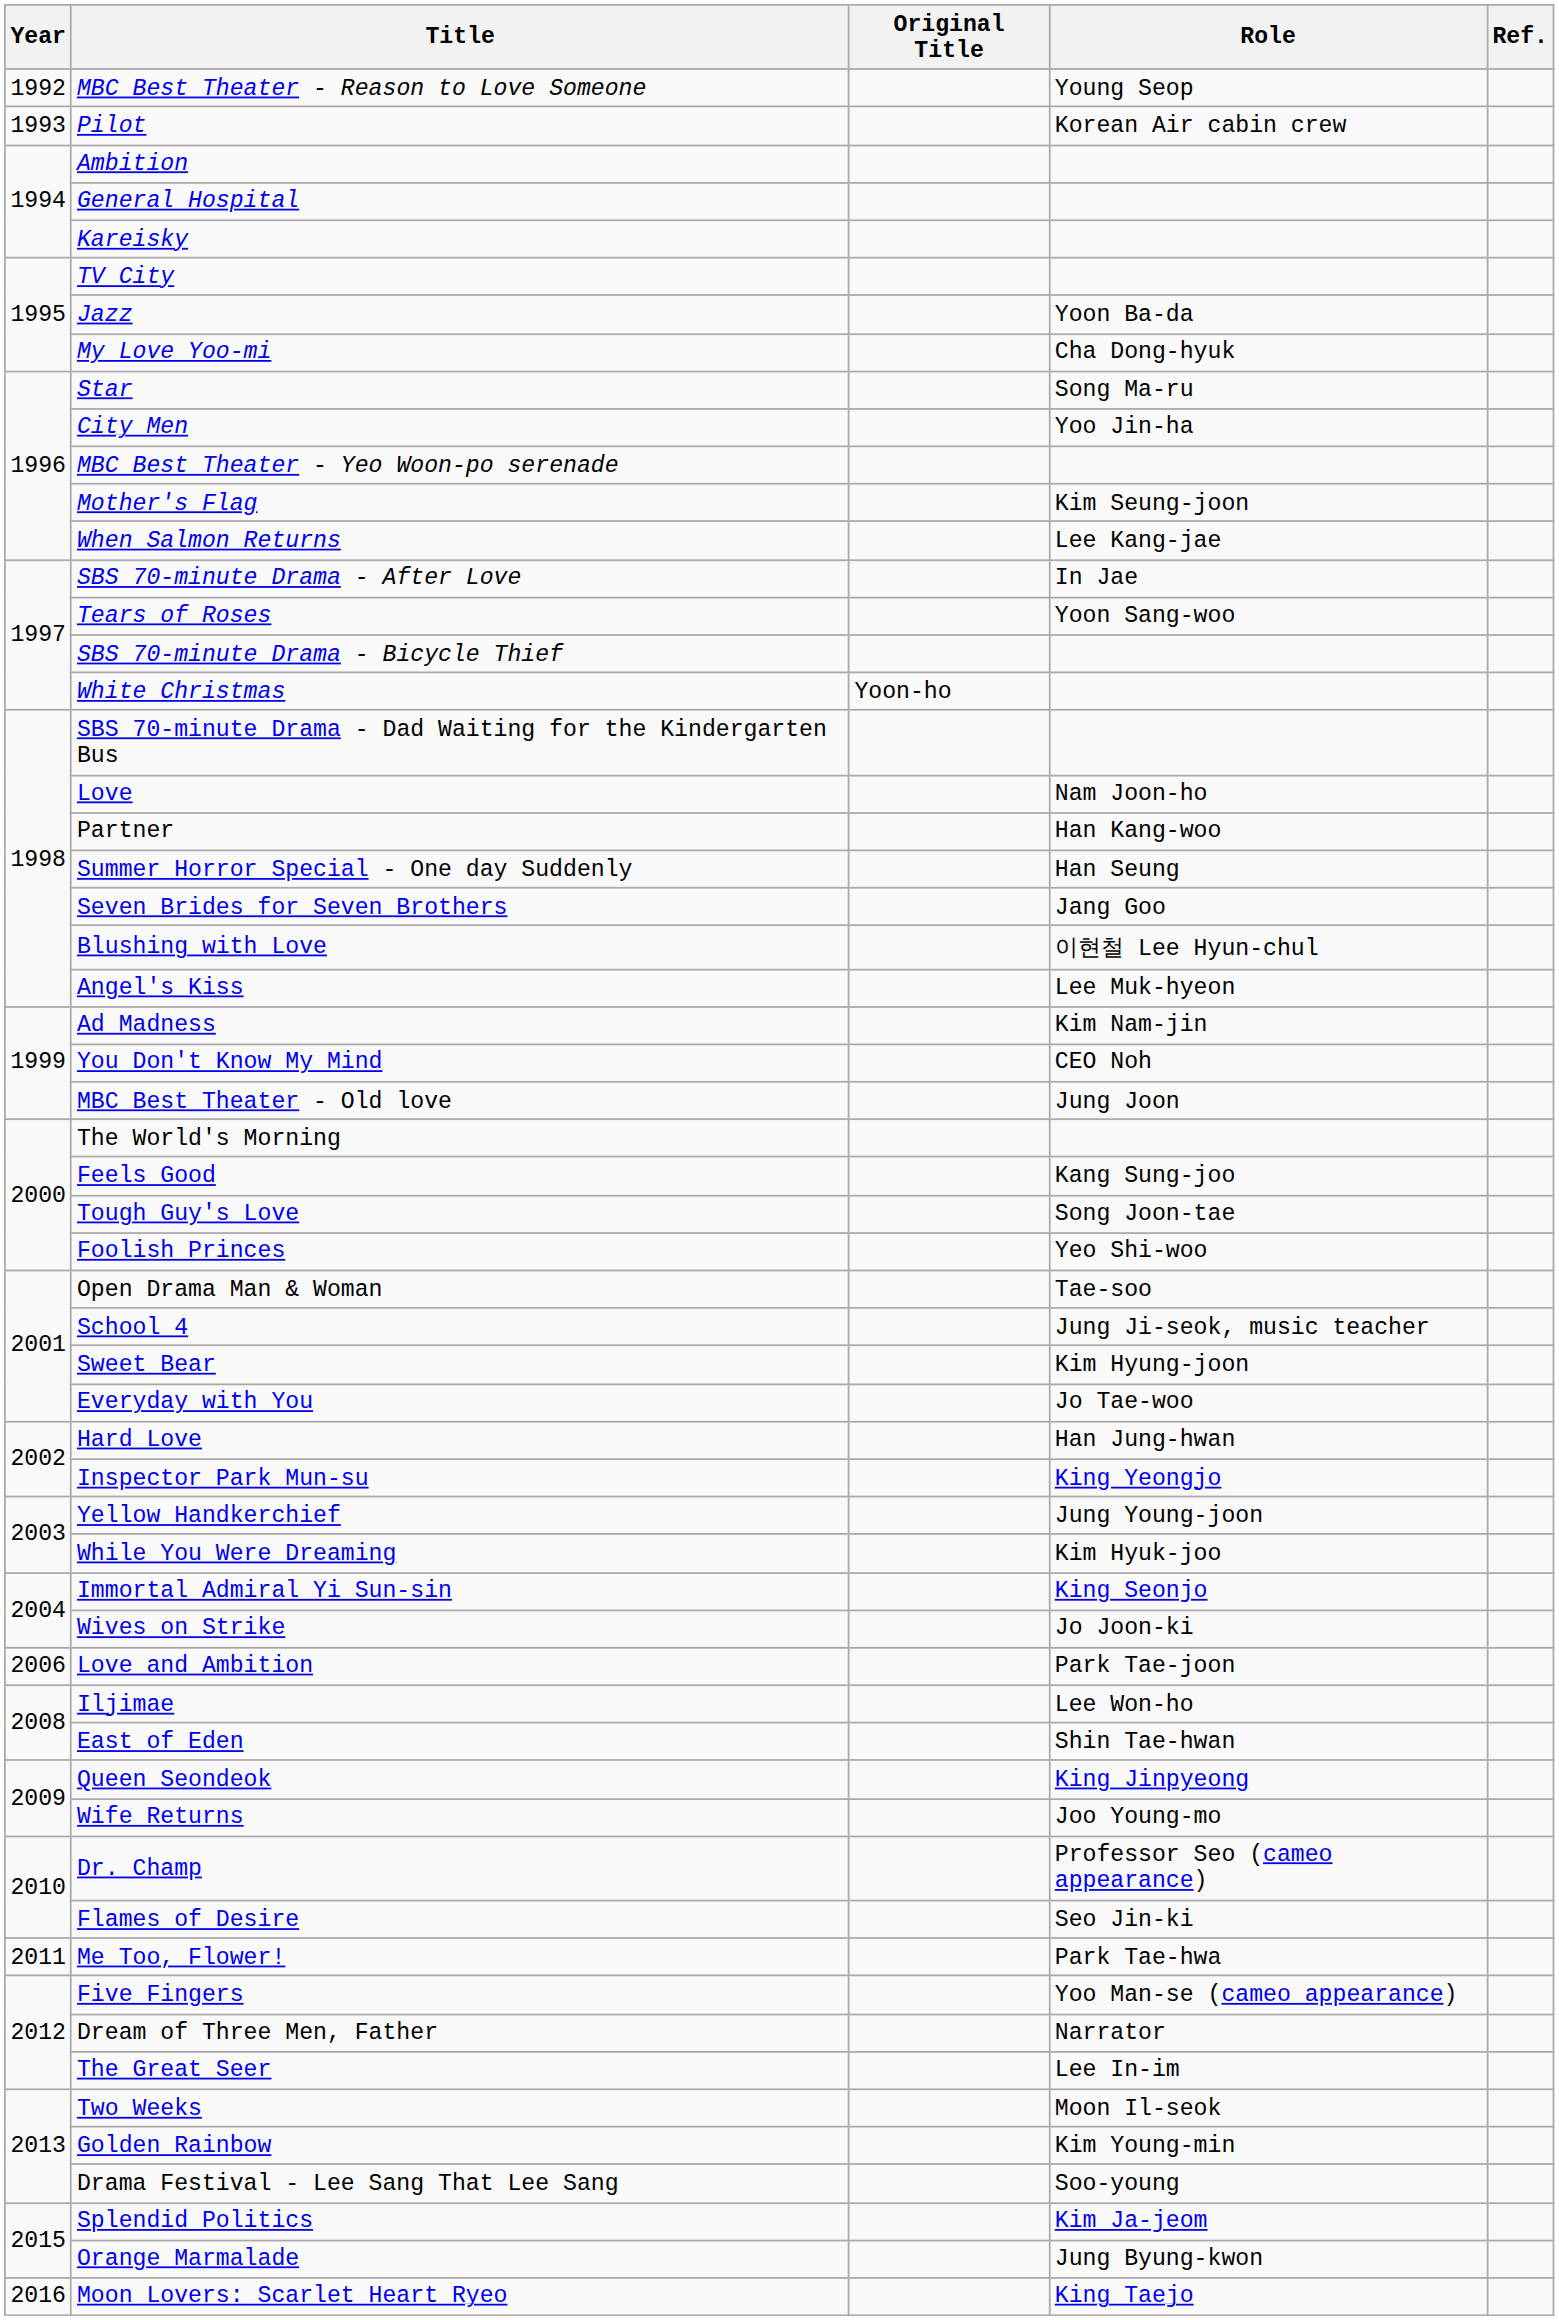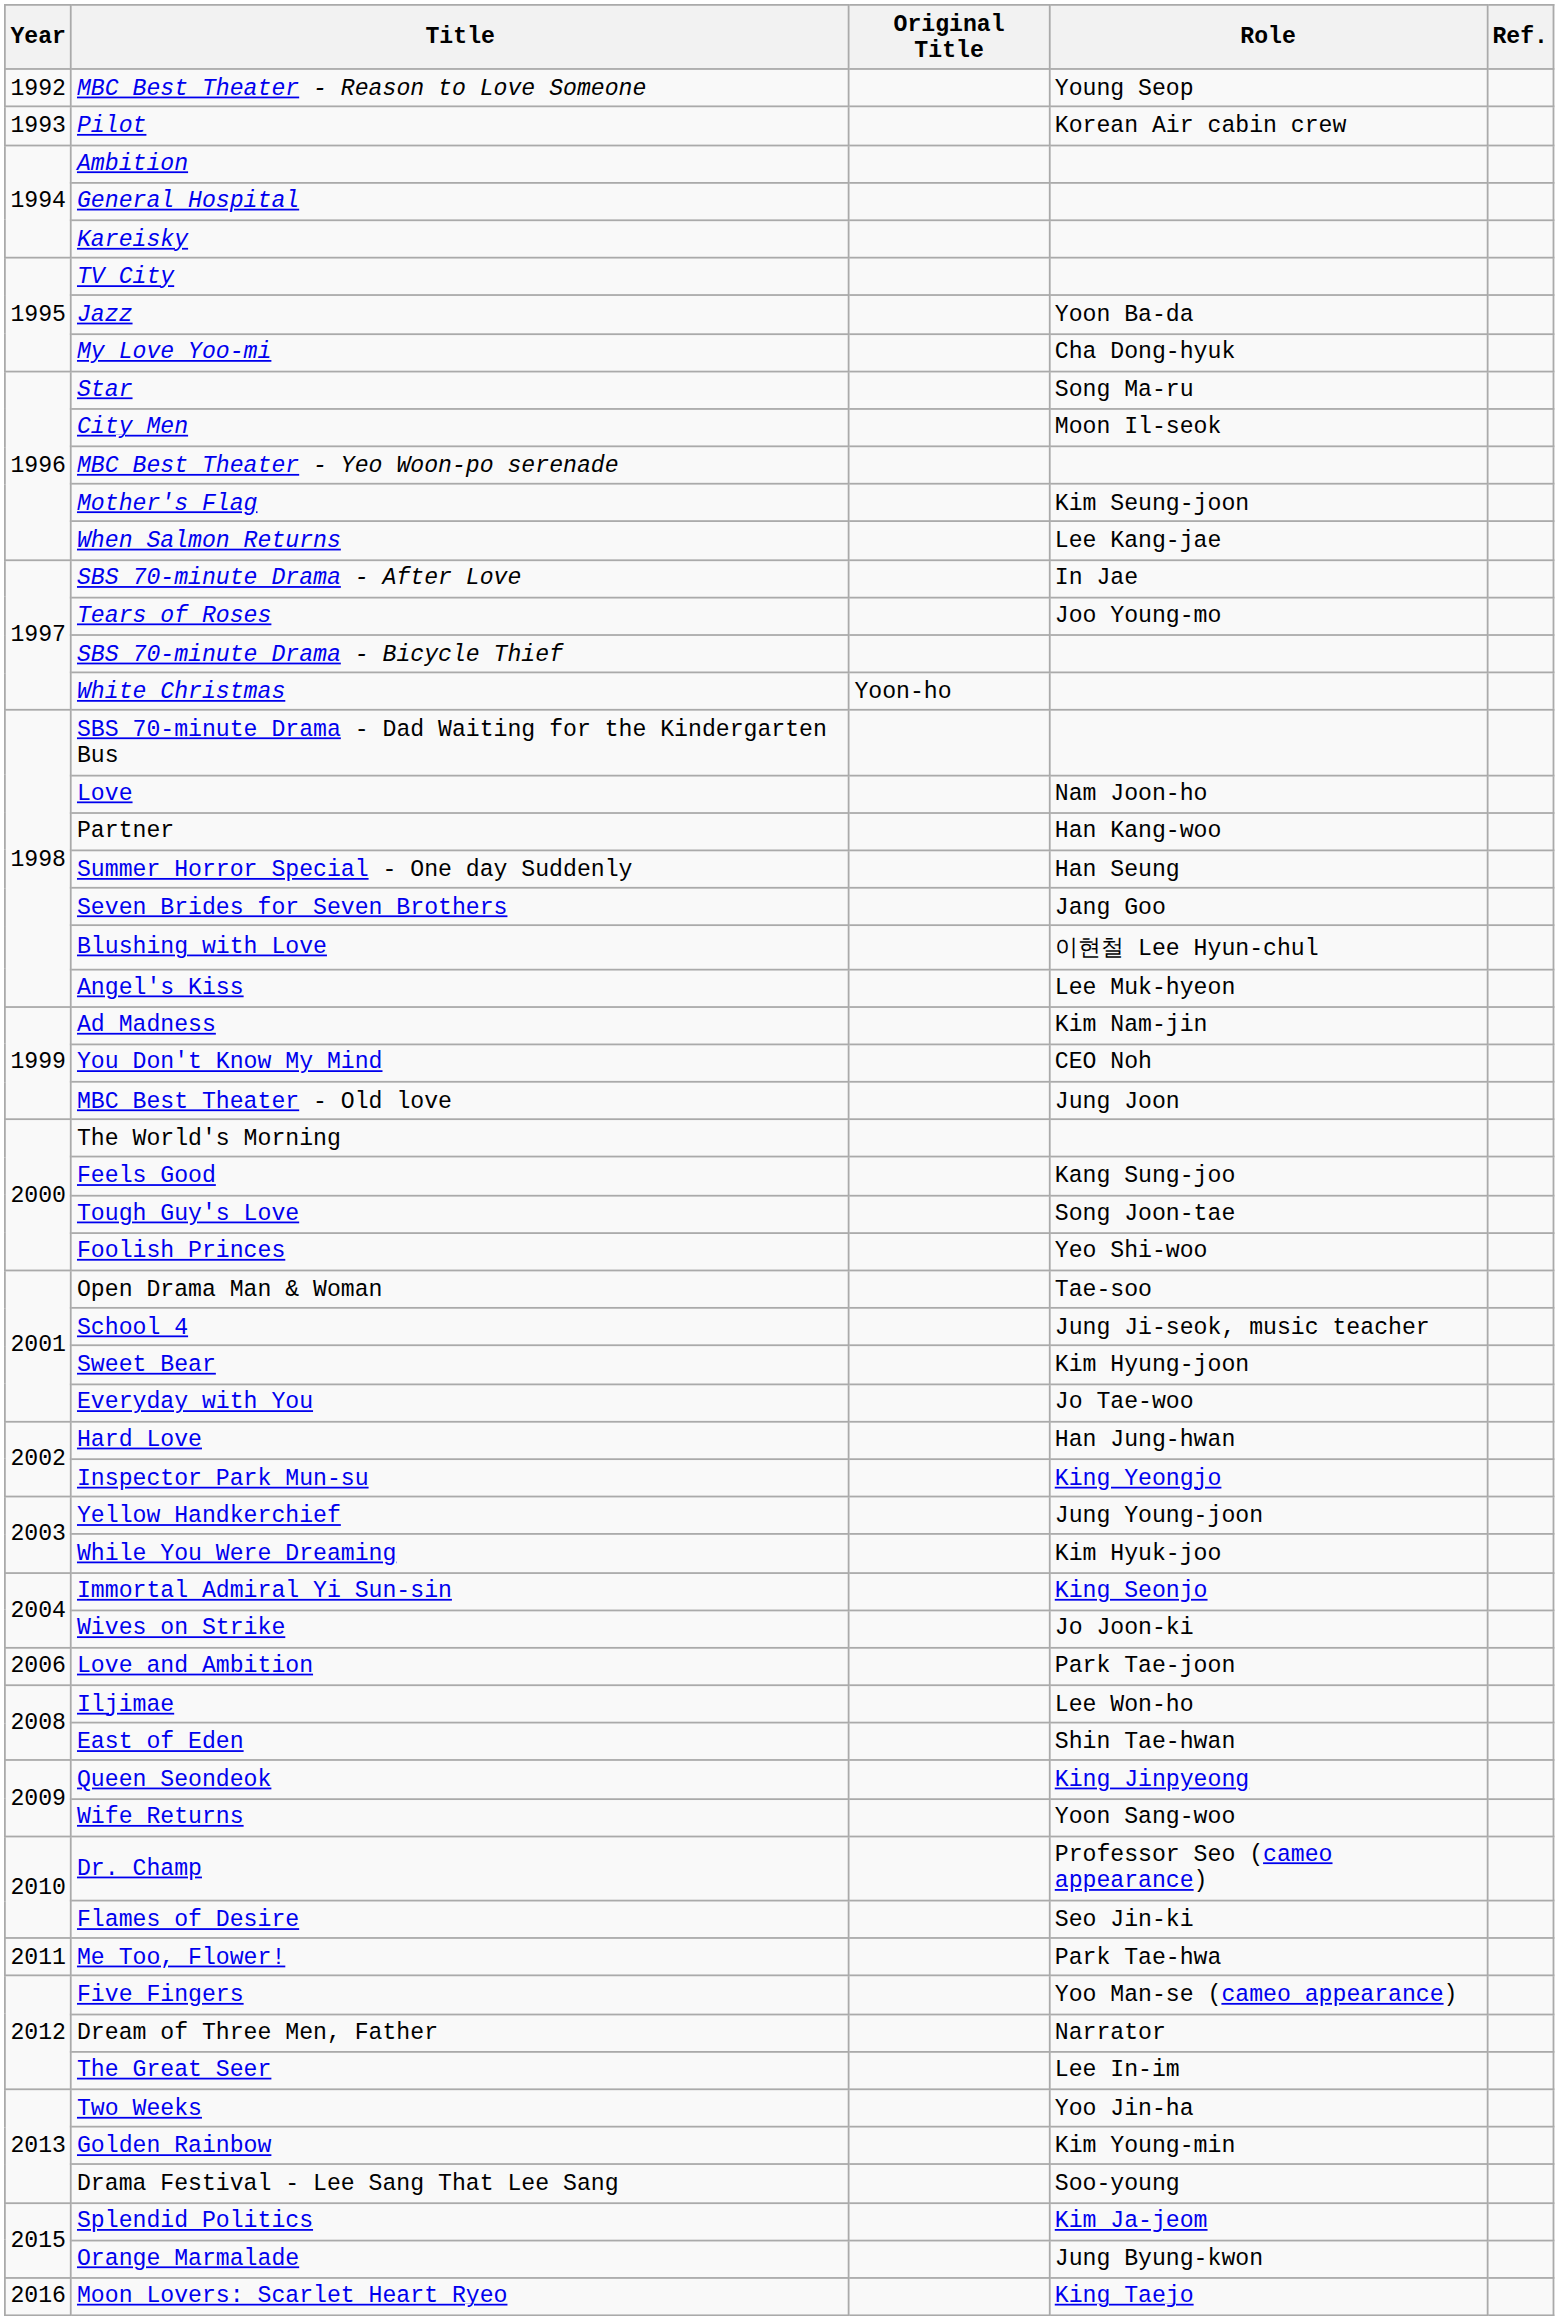 <table class="wikitable sortable" border="1">
 <tr>
 <th>Year</th>
 <th>Title</th>
 <th>Original Title</th>
 <th>Role</th>
 <th>Ref.</th>
 </tr>
 <tr>
 <td>1992</td>
 <td><em><a href='#'>MBC Best Theater</a> - Reason to Love Someone</em></td>
 <td></td>
 <td>Young Seop</td>
 <td></td>
 </tr>
 <tr>
 <td>1993</td>
 <td><em><a href='#'>Pilot</a></em></td>
 <td></td>
 <td>Korean Air cabin crew</td>
 <td></td>
 </tr>
 <tr>
 <td rowspan="3">1994</td>
 <td><em><a href='#'>Ambition</a></em></td>
 <td></td>
 <td></td>
 <td></td>
 </tr>
 <tr>
 <td><em><a href='#'>General Hospital</a></em></td>
 <td></td>
 <td></td>
 <td></td>
 </tr>
 <tr>
 <td><em><a href='#'>Kareisky</a></em></td>
 <td></td>
 <td></td>
 <td></td>
 </tr>
 <tr>
 <td rowspan="3">1995</td>
 <td><em><a href='#'>TV City</a></em></td>
 <td></td>
 <td></td>
 <td></td>
 </tr>
 <tr>
 <td><em><a href='#'>Jazz</a></em></td>
 <td></td>
 <td>Yoon Ba-da</td>
 <td></td>
 </tr>
 <tr>
 <td><em><a href='#'>My Love Yoo-mi</a></em></td>
 <td></td>
 <td>Cha Dong-hyuk</td>
 <td></td>
 </tr>
 <tr>
 <td rowspan="5">1996</td>
 <td><em><a href='#'>Star</a></em></td>
 <td></td>
 <td>Song Ma-ru</td>
 <td></td>
 </tr>
 <tr>
 <td><em><a href='#'>City Men</a></em></td>
 <td></td>
-<td>Yoo Jin-ha</td>
+<td>Moon Il-seok</td>
 <td></td>
 </tr>
 <tr>
 <td><em><a href='#'>MBC Best Theater</a> - Yeo Woon-po serenade</em></td>
 <td></td>
 <td></td>
 <td></td>
 </tr>
 <tr>
 <td><em><a href='#'>Mother's Flag</a></em></td>
 <td></td>
 <td>Kim Seung-joon</td>
 <td></td>
 </tr>
 <tr>
 <td><em><a href='#'>When Salmon Returns</a></em></td>
 <td></td>
 <td>Lee Kang-jae</td>
 <td></td>
 </tr>
 <tr>
 <td rowspan="4">1997</td>
 <td><em><a href='#'>SBS 70-minute Drama</a> - After Love</em></td>
 <td></td>
 <td>In Jae</td>
 <td></td>
 </tr>
 <tr>
 <td><em><a href='#'>Tears of Roses</a></em></td>
 <td></td>
-<td>Yoon Sang-woo</td>
+<td>Joo Young-mo</td>
 <td></td>
 </tr>
 <tr>
 <td><em><a href='#'>SBS 70-minute Drama</a> - Bicycle Thief</em></td>
 <td></td>
 <td></td>
 <td></td>
 </tr>
 <tr>
 <td><em><a href='#'>White Christmas</a></td>
 <td>Yoon-ho</td>
 <td></td>
 </tr>
 <tr>
 <td rowspan="7">1998</td>
 <td></em><a href='#'>SBS 70-minute Drama</a> - Dad Waiting for the Kindergarten Bus<em></td>
 <td></td>
 <td></td>
 <td></td>
 </tr>
 <tr>
 <td></em><a href='#'>Love</a><em></td>
 <td></td>
 <td>Nam Joon-ho</td>
 <td></td>
 </tr>
 <tr>
 <td></em>Partner<em></td>
 <td></td>
 <td>Han Kang-woo</td>
 <td></td>
 </tr>
 <tr>
 <td></em><a href='#'>Summer Horror Special</a> -  One day Suddenly<em></td>
 <td></td>
 <td>Han Seung</td>
 <td></td>
 </tr>
 <tr>
 <td></em><a href='#'>Seven Brides for Seven Brothers</a><em></td>
 <td></td>
 <td>Jang Goo</td>
 <td></td>
 </tr>
 <tr>
 <td></em><a href='#'>Blushing with Love</a><em></td>
 <td></td>
 <td>이현철 Lee Hyun-chul</td>
 <td></td>
 </tr>
 <tr>
 <td></em><a href='#'>Angel's Kiss</a><em></td>
 <td></td>
 <td>Lee Muk-hyeon</td>
 <td></td>
 </tr>
 <tr>
 <td rowspan="3">1999</td>
 <td></em><a href='#'>Ad Madness</a><em></td>
 <td></td>
 <td>Kim Nam-jin</td>
 <td></td>
 </tr>
 <tr>
 <td></em><a href='#'>You Don't Know My Mind</a><em></td>
 <td></td>
 <td>CEO Noh</td>
 <td></td>
 </tr>
 <tr>
 <td></em><a href='#'>MBC Best Theater</a> - Old love<em></td>
 <td></td>
 <td>Jung Joon</td>
 <td></td>
 </tr>
 <tr>
 <td rowspan="4">2000</td>
 <td></em>The World's Morning<em></td>
 <td></td>
 <td></td>
 <td></td>
 </tr>
 <tr>
 <td></em><a href='#'>Feels Good</a><em></td>
 <td></td>
 <td>Kang Sung-joo</td>
 <td></td>
 </tr>
 <tr>
 <td></em><a href='#'>Tough Guy's Love</a><em></td>
 <td></td>
 <td>Song Joon-tae</td>
 <td></td>
 </tr>
 <tr>
 <td></em><a href='#'>Foolish Princes</a><em></td>
 <td></td>
 <td>Yeo Shi-woo</td>
 <td></td>
 </tr>
 <tr>
 <td rowspan="4">2001</td>
 <td></em>Open Drama Man & Woman<em></td>
 <td></td>
 <td>Tae-soo</td>
 <td></td>
 </tr>
 <tr>
 <td></em><a href='#'>School 4</a><em></td>
 <td></td>
 <td>Jung Ji-seok, music teacher</td>
 <td></td>
 </tr>
 <tr>
 <td></em><a href='#'>Sweet Bear</a><em></td>
 <td></td>
 <td>Kim Hyung-joon</td>
 <td></td>
 </tr>
 <tr>
 <td></em><a href='#'>Everyday with You</a><em></td>
 <td></td>
 <td>Jo Tae-woo</td>
 <td></td>
 </tr>
 <tr>
 <td rowspan="2">2002</td>
 <td></em><a href='#'>Hard Love</a><em></td>
 <td></td>
 <td>Han Jung-hwan</td>
 <td></td>
 </tr>
 <tr>
 <td></em><a href='#'>Inspector Park Mun-su</a><em></td>
 <td></td>
 <td><a href='#'>King Yeongjo</a></td>
 <td></td>
 </tr>
 <tr>
 <td rowspan="2">2003</td>
 <td></em><a href='#'>Yellow Handkerchief</a><em></td>
 <td></td>
 <td>Jung Young-joon</td>
 <td></td>
 </tr>
 <tr>
 <td></em><a href='#'>While You Were Dreaming</a><em></td>
 <td></td>
 <td>Kim Hyuk-joo</td>
 <td></td>
 </tr>
 <tr>
 <td rowspan="2">2004</td>
 <td></em><a href='#'>Immortal Admiral Yi Sun-sin</a><em></td>
 <td></td>
 <td><a href='#'>King Seonjo</a></td>
 <td></td>
 </tr>
 <tr>
 <td></em><a href='#'>Wives on Strike</a><em></td>
 <td></td>
 <td>Jo Joon-ki</td>
 <td></td>
 </tr>
 <tr>
 <td>2006</td>
 <td></em><a href='#'>Love and Ambition</a><em></td>
 <td></td>
 <td>Park Tae-joon</td>
 <td></td>
 </tr>
 <tr>
 <td rowspan="2">2008</td>
 <td></em><a href='#'>Iljimae</a><em></td>
 <td></td>
 <td>Lee Won-ho</td>
 <td></td>
 </tr>
 <tr>
 <td></em><a href='#'>East of Eden</a><em></td>
 <td></td>
 <td>Shin Tae-hwan</td>
 <td></td>
 </tr>
 <tr>
 <td rowspan="2">2009</td>
 <td></em><a href='#'>Queen Seondeok</a><em></td>
 <td></td>
 <td><a href='#'>King Jinpyeong</a></td>
 <td></td>
 </tr>
 <tr>
 <td></em><a href='#'>Wife Returns</a><em></td>
 <td></td>
-<td>Joo Young-mo</td>
+<td>Yoon Sang-woo</td>
 <td></td>
 </tr>
 <tr>
 <td rowspan="2">2010</td>
 <td></em><a href='#'>Dr. Champ</a><em></td>
 <td></td>
 <td>Professor Seo (<a href='#'>cameo appearance</a>)</td>
 <td></td>
 </tr>
 <tr>
 <td></em><a href='#'>Flames of Desire</a><em></td>
 <td></td>
 <td>Seo Jin-ki</td>
 <td></td>
 </tr>
 <tr>
 <td>2011</td>
 <td></em><a href='#'>Me Too, Flower!</a><em></td>
 <td></td>
 <td>Park Tae-hwa</td>
 <td></td>
 </tr>
 <tr>
 <td rowspan="3">2012</td>
 <td></em><a href='#'>Five Fingers</a><em></td>
 <td></td>
 <td>Yoo Man-se (<a href='#'>cameo appearance</a>)</td>
 <td></td>
 </tr>
 <tr>
 <td></em>Dream of Three Men, Father<em></td>
 <td></td>
 <td>Narrator</td>
 <td></td>
 </tr>
 <tr>
 <td></em><a href='#'>The Great Seer</a><em></td>
 <td></td>
 <td>Lee In-im</td>
 <td></td>
 </tr>
 <tr>
 <td rowspan="3">2013</td>
 <td></em><a href='#'>Two Weeks</a><em></td>
 <td></td>
-<td>Moon Il-seok</td>
+<td>Yoo Jin-ha</td>
 <td></td>
 </tr>
 <tr>
 <td></em><a href='#'>Golden Rainbow</a><em></td>
 <td></td>
 <td>Kim Young-min</td>
 <td></td>
 </tr>
 <tr>
 <td></em>Drama Festival - Lee Sang That Lee Sang<em></td>
 <td></td>
 <td>Soo-young</td>
 <td></td>
 </tr>
 <tr>
 <td rowspan="2">2015</td>
 <td></em><a href='#'>Splendid Politics</a><em></td>
 <td></td>
 <td><a href='#'>Kim Ja-jeom</a></td>
 <td></td>
 </tr>
 <tr>
 <td></em><a href='#'>Orange Marmalade</a><em></td>
 <td></td>
 <td>Jung Byung-kwon</td>
 <td></td>
 </tr>
 <tr>
 <td>2016</td>
 <td></em><a href='#'>Moon Lovers: Scarlet Heart Ryeo</a><em></td>
 <td></td>
 <td><a href='#'>King Taejo</a></td>
 <td></td>
 </tr>
 </table>
